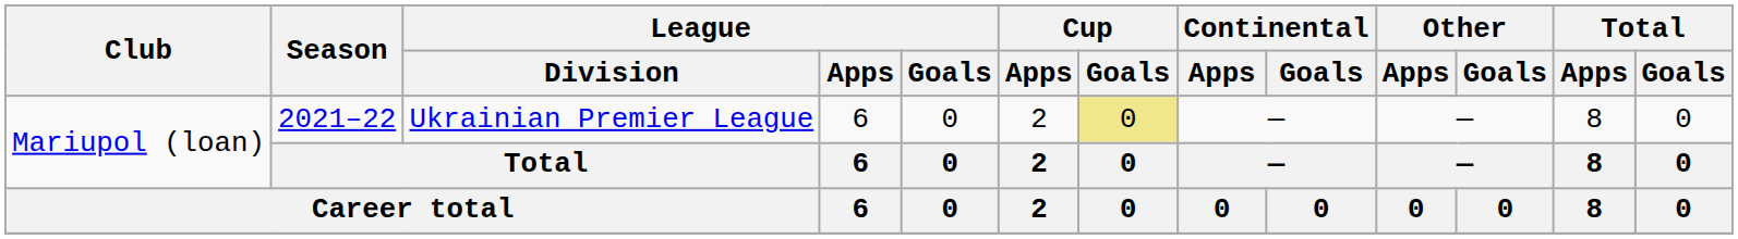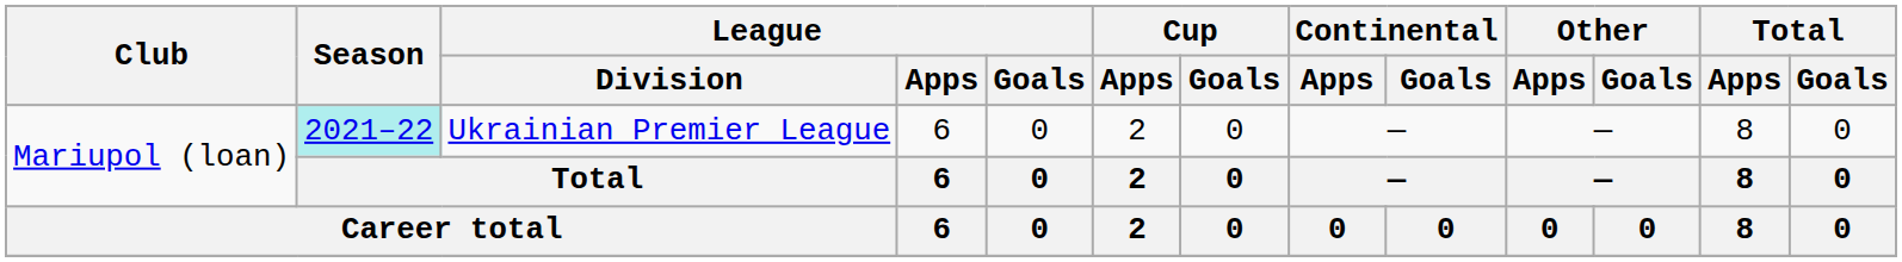 <table class="wikitable" style="text-align:center">
 <tr>
 <th rowspan="2">Club</th>
 <th rowspan="2">Season</th>
 <th colspan="3">League</th>
 <th colspan="2">Cup</th>
 <th colspan="2">Continental</th>
 <th colspan="2">Other</th>
 <th colspan="2">Total</th>
 </tr>
 <tr>
 <th>Division</th>
 <th>Apps</th>
 <th>Goals</th>
 <th>Apps</th>
 <th>Goals</th>
 <th>Apps</th>
 <th>Goals</th>
 <th>Apps</th>
 <th>Goals</th>
 <th>Apps</th>
 <th>Goals</th>
 </tr>
 <tr>
 <td rowspan="2"><a href='#'>Mariupol</a> (loan)</td>
-<td><a href='#'>2021–22</a></td>
+<td style="background: paleturquoise;"><a href='#'>2021–22</a></td>
 <td rowspan="1"><a href='#'>Ukrainian Premier League</a></td>
 <td>6</td>
 <td>0</td>
 <td>2</td>
-<td style="background: khaki;">0</td>
+<td>0</td>
 <td colspan="2">—</td>
 <td colspan="2">—</td>
 <td>8</td>
 <td>0</td>
 </tr>
 <tr>
 <th colspan="2">Total</th>
 <th>6</th>
 <th>0</th>
 <th>2</th>
 <th>0</th>
 <th colspan="2">—</th>
 <th colspan="2">—</th>
 <th>8</th>
 <th>0</th>
 </tr>
 <tr>
 <th colspan="3">Career total</th>
 <th>6</th>
 <th>0</th>
 <th>2</th>
 <th>0</th>
 <th>0</th>
 <th>0</th>
 <th>0</th>
 <th>0</th>
 <th>8</th>
 <th>0</th>
 </tr>
 <tr>
 </tr>
 </table>
